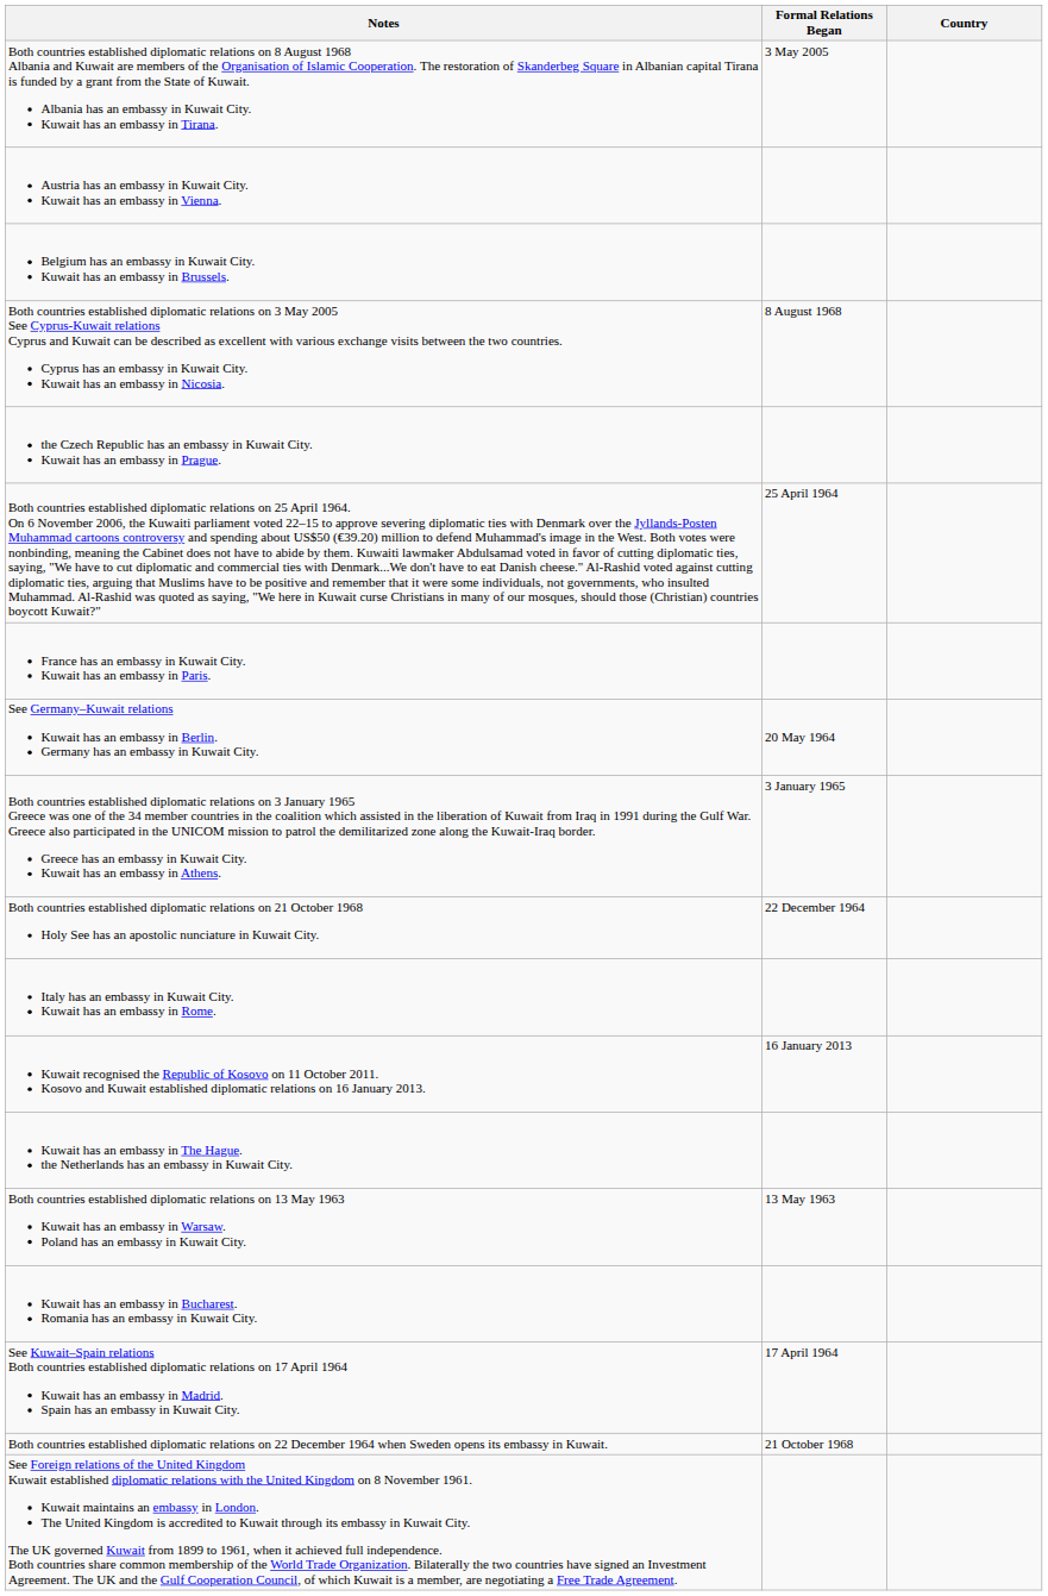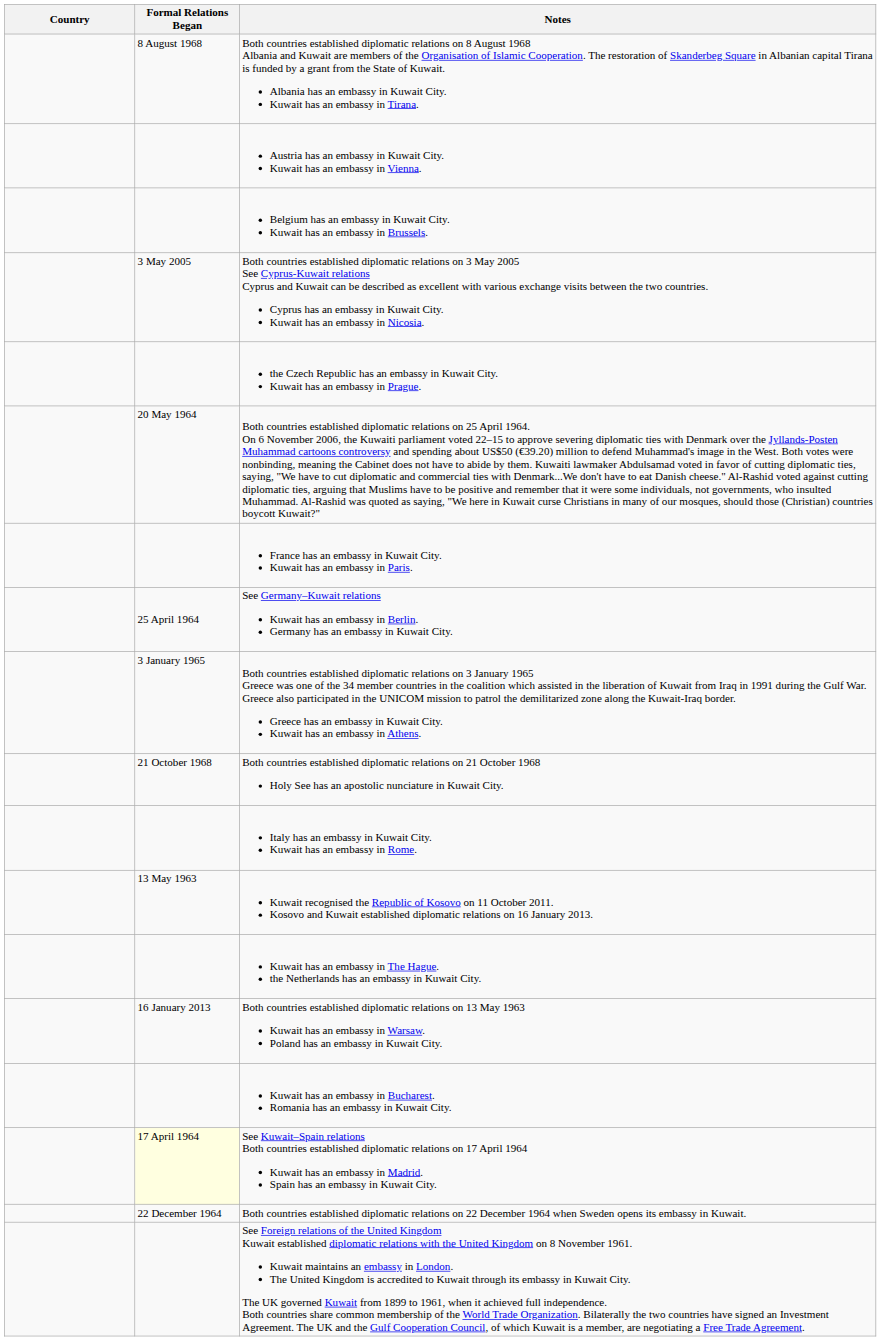 <table class="wikitable sortable" style="width:100%; margin:auto;">
 <tr>
+<th style="width:15%;">Country</th>
+<th style="width:12%;">Formal Relations Began</th>
 <th>Notes</th>
-<th style="width:12%;">Formal Relations Began</th>
-<th style="width:15%;">Country</th>
 </tr>
 <tr valign="top">
+<td></td>
+<td>8 August 1968</td>
 <td>Both countries established diplomatic relations on 8 August 1968<br>Albania and Kuwait are members of the <a href='#'>Organisation of Islamic Cooperation</a>. The restoration of <a href='#'>Skanderbeg Square</a> in Albanian capital Tirana is funded by a grant from the State of Kuwait.<ul><li>Albania has an embassy in Kuwait City.</li><li>Kuwait has an embassy in <a href='#'>Tirana</a>.</li></ul></td>
-<td>3 May 2005</td>
-<td></td>
 </tr>
 <tr>
-<td><br><ul><li>Austria has an embassy in Kuwait City.</li><li>Kuwait has an embassy in <a href='#'>Vienna</a>.</li></ul></td>
 <td></td>
 <td></td>
+<td><br><ul><li>Austria has an embassy in Kuwait City.</li><li>Kuwait has an embassy in <a href='#'>Vienna</a>.</li></ul></td>
 </tr>
 <tr>
-<td><br><ul><li>Belgium has an embassy in Kuwait City.</li><li>Kuwait has an embassy in <a href='#'>Brussels</a>.</li></ul></td>
 <td></td>
 <td></td>
+<td><br><ul><li>Belgium has an embassy in Kuwait City.</li><li>Kuwait has an embassy in <a href='#'>Brussels</a>.</li></ul></td>
 </tr>
 <tr valign="top">
+<td></td>
+<td>3 May 2005</td>
 <td>Both countries established diplomatic relations on 3 May 2005<br>See <a href='#'>Cyprus-Kuwait relations</a><br>Cyprus and Kuwait can be described as excellent with various exchange visits between the two countries.<ul><li>Cyprus has an embassy in Kuwait City.</li><li>Kuwait has an embassy in <a href='#'>Nicosia</a>.</li></ul></td>
-<td>8 August 1968</td>
-<td></td>
 </tr>
 <tr valign="top">
-<td><br><ul><li>the Czech Republic has an embassy in Kuwait City.</li><li>Kuwait has an embassy in <a href='#'>Prague</a>.</li></ul></td>
 <td></td>
 <td></td>
+<td><br><ul><li>the Czech Republic has an embassy in Kuwait City.</li><li>Kuwait has an embassy in <a href='#'>Prague</a>.</li></ul></td>
 </tr>
 <tr valign="top">
+<td></td>
+<td>20 May 1964</td>
 <td><br>Both countries established diplomatic relations on 25 April 1964.<br>On 6 November 2006, the Kuwaiti parliament voted 22–15 to approve severing diplomatic ties with Denmark over the <a href='#'>Jyllands-Posten Muhammad cartoons controversy</a> and spending about US$50 (€39.20) million to defend Muhammad's image in the West. Both votes were nonbinding, meaning the Cabinet does not have to abide by them. Kuwaiti lawmaker Abdulsamad voted in favor of cutting diplomatic ties, saying, "We have to cut diplomatic and commercial ties with Denmark...We don't have to eat Danish cheese." Al-Rashid voted against cutting diplomatic ties, arguing that Muslims have to be positive and remember that it were some individuals, not governments, who insulted Muhammad. Al-Rashid was quoted as saying, "We here in Kuwait curse Christians in many of our mosques, should those (Christian) countries boycott Kuwait?"</td>
-<td>25 April 1964</td>
-<td></td>
 </tr>
 <tr>
-<td><br><ul><li>France has an embassy in Kuwait City.</li><li>Kuwait has an embassy in <a href='#'>Paris</a>.</li></ul></td>
 <td></td>
 <td></td>
+<td><br><ul><li>France has an embassy in Kuwait City.</li><li>Kuwait has an embassy in <a href='#'>Paris</a>.</li></ul></td>
 </tr>
 <tr>
+<td></td>
+<td>25 April 1964</td>
 <td>See <a href='#'>Germany–Kuwait relations</a><br><ul><li>Kuwait has an embassy in <a href='#'>Berlin</a>.</li><li>Germany has an embassy in Kuwait City.</li></ul></td>
-<td>20 May 1964</td>
-<td></td>
 </tr>
 <tr valign="top">
+<td></td>
+<td>3 January 1965</td>
 <td><br>Both countries established diplomatic relations on 3 January 1965<br>Greece was one of the 34 member countries in the coalition which assisted in the liberation of Kuwait from Iraq in 1991 during the Gulf War. Greece also participated in the UNICOM mission to patrol the demilitarized zone along the Kuwait-Iraq border.<ul><li>Greece has an embassy in Kuwait City.</li><li>Kuwait has an embassy in <a href='#'>Athens</a>.</li></ul></td>
-<td>3 January 1965</td>
-<td></td>
 </tr>
 <tr valign="top">
+<td></td>
+<td>21 October 1968</td>
 <td>Both countries established diplomatic relations on 21 October 1968<br><ul><li>Holy See has an apostolic nunciature in Kuwait City.</li></ul></td>
-<td>22 December 1964</td>
-<td></td>
 </tr>
 <tr>
-<td><br><ul><li>Italy has an embassy in Kuwait City.</li><li>Kuwait has an embassy in <a href='#'>Rome</a>.</li></ul></td>
 <td></td>
 <td></td>
+<td><br><ul><li>Italy has an embassy in Kuwait City.</li><li>Kuwait has an embassy in <a href='#'>Rome</a>.</li></ul></td>
 </tr>
 <tr valign="top">
+<td></td>
+<td>13 May 1963</td>
 <td><br><ul><li>Kuwait recognised the <a href='#'>Republic of Kosovo</a> on 11 October 2011.</li><li>Kosovo and Kuwait established diplomatic relations on 16 January 2013.</li></ul></td>
-<td>16 January 2013</td>
-<td></td>
 </tr>
 <tr>
-<td><br><ul><li>Kuwait has an embassy in <a href='#'>The Hague</a>.</li><li>the Netherlands has an embassy in Kuwait City.</li></ul></td>
 <td></td>
 <td></td>
+<td><br><ul><li>Kuwait has an embassy in <a href='#'>The Hague</a>.</li><li>the Netherlands has an embassy in Kuwait City.</li></ul></td>
 </tr>
 <tr valign="top">
+<td></td>
+<td>16 January 2013</td>
 <td>Both countries established diplomatic relations on 13 May 1963<br><ul><li>Kuwait has an embassy in <a href='#'>Warsaw</a>.</li><li>Poland has an embassy in Kuwait City.</li></ul></td>
-<td>13 May 1963</td>
-<td></td>
 </tr>
 <tr>
-<td><br><ul><li>Kuwait has an embassy in <a href='#'>Bucharest</a>.</li><li>Romania has an embassy in Kuwait City.</li></ul></td>
 <td></td>
 <td></td>
+<td><br><ul><li>Kuwait has an embassy in <a href='#'>Bucharest</a>.</li><li>Romania has an embassy in Kuwait City.</li></ul></td>
 </tr>
 <tr valign="top">
+<td></td>
+<td style="background: lightyellow;">17 April 1964</td>
 <td>See <a href='#'>Kuwait–Spain relations</a><br>Both countries established diplomatic relations on 17 April 1964<ul><li>Kuwait has an embassy in <a href='#'>Madrid</a>.</li><li>Spain has an embassy in Kuwait City.</li></ul></td>
-<td>17 April 1964</td>
-<td></td>
 </tr>
 <tr>
+<td></td>
+<td>22 December 1964</td>
 <td>Both countries established diplomatic relations on 22 December 1964 when Sweden opens its embassy in Kuwait.</td>
-<td>21 October 1968</td>
-<td></td>
 </tr>
 <tr valign="top">
-<td>See <a href='#'>Foreign relations of the United Kingdom</a><br>Kuwait established <a href='#'>diplomatic relations with the United Kingdom</a> on 8 November 1961.<ul><li>Kuwait maintains an <a href='#'>embassy</a> in <a href='#'>London</a>.</li><li>The United Kingdom is accredited to Kuwait through its embassy in Kuwait City.</li></ul>The UK governed <a href='#'>Kuwait</a> from 1899 to 1961, when it achieved full independence.<br>Both countries share common membership of the <a href='#'>World Trade Organization</a>. Bilaterally the two countries have signed an Investment Agreement. The UK and the <a href='#'>Gulf Cooperation Council</a>, of which Kuwait is a member, are negotiating a <a href='#'>Free Trade Agreement</a>.</td>
 <td></td>
 <td></td>
+<td>See <a href='#'>Foreign relations of the United Kingdom</a><br>Kuwait established <a href='#'>diplomatic relations with the United Kingdom</a> on 8 November 1961.<ul><li>Kuwait maintains an <a href='#'>embassy</a> in <a href='#'>London</a>.</li><li>The United Kingdom is accredited to Kuwait through its embassy in Kuwait City.</li></ul>The UK governed <a href='#'>Kuwait</a> from 1899 to 1961, when it achieved full independence.<br>Both countries share common membership of the <a href='#'>World Trade Organization</a>. Bilaterally the two countries have signed an Investment Agreement. The UK and the <a href='#'>Gulf Cooperation Council</a>, of which Kuwait is a member, are negotiating a <a href='#'>Free Trade Agreement</a>.</td>
 </tr>
 </table>
